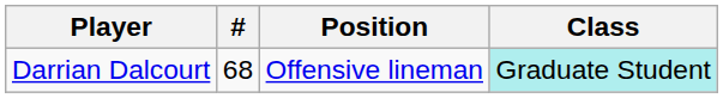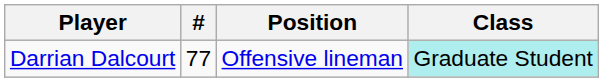 <table class="wikitable sortable" style="text-align:center">
 <tr>
 <th>Player</th>
 <th>#</th>
 <th>Position</th>
 <th>Class</th>
 </tr>
 <tr>
 <td><a href='#'>Darrian Dalcourt</a></td>
-<td>68</td>
+<td>77</td>
 <td><a href='#'>Offensive lineman</a></td>
 <td style="background: paleturquoise;">Graduate Student</td>
 </tr>
 </table>
